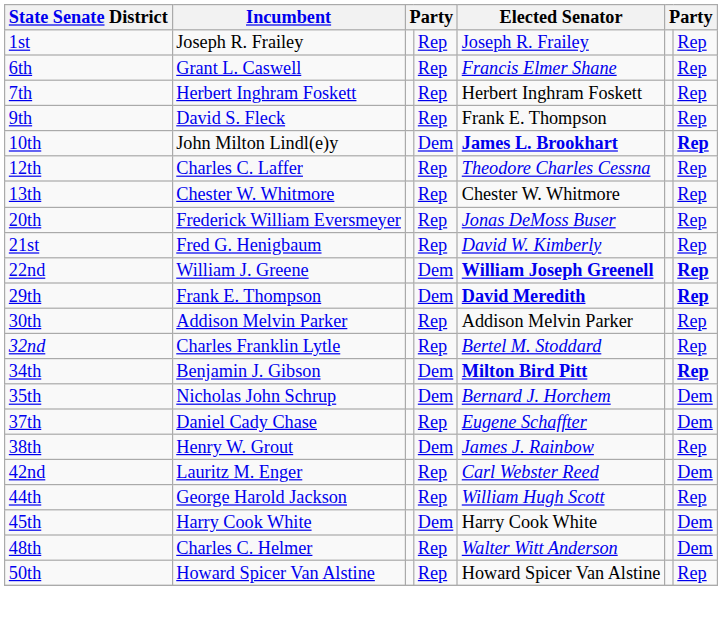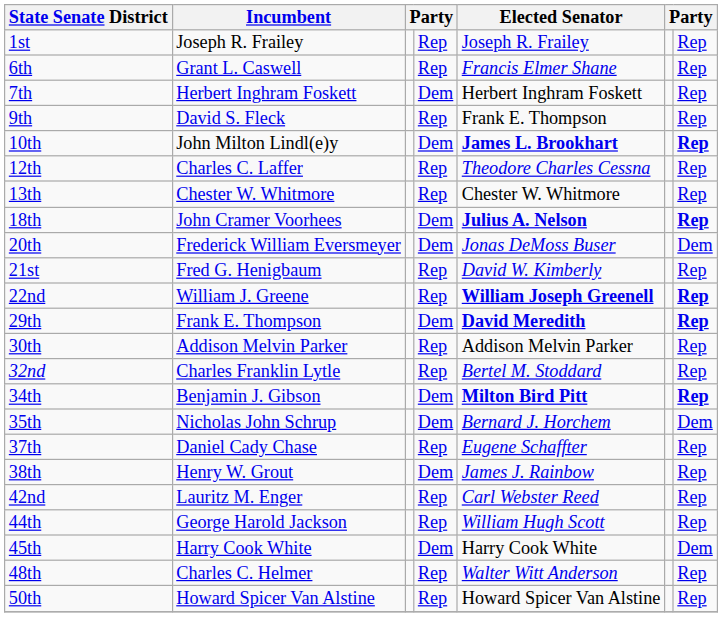 <table class="sortable wikitable" style="font-size:95%;line-height:14px;">
 <tr>
 <th class="sortable"><a href='#'>State Senate</a> District</th>
 <th class="unsortable"><a href='#'>Incumbent</a></th>
 <th colspan="2">Party</th>
 <th class="unsortable">Elected Senator</th>
 <th colspan="2">Party</th>
 </tr>
 <tr>
 <td><a href='#'>1st</a></td>
 <td>Joseph R. Frailey</td>
 <td style="background:"></td>
 <td><a href='#'>Rep</a></td>
 <td><a href='#'>Joseph R. Frailey</a></td>
 <td style="background:"></td>
 <td><a href='#'>Rep</a></td>
 </tr>
 <tr>
 <td><a href='#'>6th</a></td>
 <td><a href='#'>Grant L. Caswell</a></td>
 <td style="background:"></td>
 <td><a href='#'>Rep</a></td>
 <td><em><a href='#'>Francis Elmer Shane</a></em></td>
 <td style="background:"></td>
 <td><a href='#'>Rep</a></td>
 </tr>
 <tr>
 <td><a href='#'>7th</a></td>
 <td><a href='#'>Herbert Inghram Foskett</a></td>
 <td style="background:"></td>
-<td><a href='#'>Rep</a></td>
+<td><a href='#'>Dem</a></td>
 <td>Herbert Inghram Foskett</td>
 <td style="background:"></td>
 <td><a href='#'>Rep</a></td>
 </tr>
 <tr>
 <td><a href='#'>9th</a></td>
 <td><a href='#'>David S. Fleck</a></td>
 <td style="background:"></td>
 <td><a href='#'>Rep</a></td>
 <td>Frank E. Thompson</td>
 <td style="background:"></td>
 <td><a href='#'>Rep</a></td>
 </tr>
 <tr>
 <td><a href='#'>10th</a></td>
 <td>John Milton Lindl(e)y</td>
 <td style="background:"></td>
 <td><a href='#'>Dem</a></td>
 <td><strong><a href='#'>James L. Brookhart</a></strong></td>
 <td style="background:"></td>
 <td><strong><a href='#'>Rep</a></strong></td>
 </tr>
 <tr>
 <td><a href='#'>12th</a></td>
 <td><a href='#'>Charles C. Laffer</a></td>
 <td style="background:"></td>
 <td><a href='#'>Rep</a></td>
 <td><em><a href='#'>Theodore Charles Cessna</a></em></td>
 <td style="background:"></td>
 <td><a href='#'>Rep</a></td>
 </tr>
 <tr>
 <td><a href='#'>13th</a></td>
 <td><a href='#'>Chester W. Whitmore</a></td>
 <td style="background:"></td>
 <td><a href='#'>Rep</a></td>
 <td>Chester W. Whitmore</td>
 <td style="background:"></td>
 <td><a href='#'>Rep</a></td>
 </tr>
 <tr>
+<td><a href='#'>18th</a></td>
+<td><a href='#'>John Cramer Voorhees</a></td>
+<td style="background:"></td>
+<td><a href='#'>Dem</a></td>
+<td><strong><a href='#'>Julius A. Nelson</a></strong></td>
+<td style="background:"></td>
+<td><strong><a href='#'>Rep</a></strong></td>
+</tr>
+<tr>
 <td><a href='#'>20th</a></td>
 <td><a href='#'>Frederick William Eversmeyer</a></td>
 <td style="background:"></td>
-<td><a href='#'>Rep</a></td>
+<td><a href='#'>Dem</a></td>
 <td><em><a href='#'>Jonas DeMoss Buser</a></em></td>
 <td style="background:"></td>
-<td><a href='#'>Rep</a></td>
+<td><a href='#'>Dem</a></td>
 </tr>
 <tr>
 <td><a href='#'>21st</a></td>
 <td><a href='#'>Fred G. Henigbaum</a></td>
 <td style="background:"></td>
 <td><a href='#'>Rep</a></td>
 <td><em><a href='#'>David W. Kimberly</a></em></td>
 <td style="background:"></td>
 <td><a href='#'>Rep</a></td>
 </tr>
 <tr>
 <td><a href='#'>22nd</a></td>
 <td><a href='#'>William J. Greene</a></td>
 <td style="background:"></td>
-<td><a href='#'>Dem</a></td>
+<td><a href='#'>Rep</a></td>
 <td><strong><a href='#'>William Joseph Greenell</a></strong></td>
 <td style="background:"></td>
 <td><strong><a href='#'>Rep</a></strong></td>
 </tr>
 <tr>
 <td><a href='#'>29th</a></td>
 <td><a href='#'>Frank E. Thompson</a></td>
 <td style="background:"></td>
 <td><a href='#'>Dem</a></td>
 <td><strong><a href='#'>David Meredith</a></strong></td>
 <td style="background:"></td>
 <td><strong><a href='#'>Rep</a></strong></td>
 </tr>
 <tr>
 <td><a href='#'>30th</a></td>
 <td><a href='#'>Addison Melvin Parker</a></td>
 <td style="background:"></td>
 <td><a href='#'>Rep</a></td>
 <td>Addison Melvin Parker</td>
 <td style="background:"></td>
 <td><a href='#'>Rep</a></td>
 </tr>
 <tr>
 <td><em><a href='#'>32nd</a></em></td>
 <td><a href='#'>Charles Franklin Lytle</a></td>
 <td style="background:"></td>
 <td><a href='#'>Rep</a></td>
 <td><em><a href='#'>Bertel M. Stoddard</a></em></td>
 <td style="background:"></td>
 <td><a href='#'>Rep</a></td>
 </tr>
 <tr>
 <td><a href='#'>34th</a></td>
 <td><a href='#'>Benjamin J. Gibson</a></td>
 <td style="background:"></td>
 <td><a href='#'>Dem</a></td>
 <td><strong><a href='#'>Milton Bird Pitt</a></strong></td>
 <td style="background:"></td>
 <td><strong><a href='#'>Rep</a></strong></td>
 </tr>
 <tr>
 <td><a href='#'>35th</a></td>
 <td><a href='#'>Nicholas John Schrup</a></td>
 <td style="background:"></td>
 <td><a href='#'>Dem</a></td>
 <td><em><a href='#'>Bernard J. Horchem</a></em></td>
 <td style="background:"></td>
 <td><a href='#'>Dem</a></td>
 </tr>
 <tr>
 <td><a href='#'>37th</a></td>
 <td><a href='#'>Daniel Cady Chase</a></td>
 <td style="background:"></td>
 <td><a href='#'>Rep</a></td>
 <td><em><a href='#'>Eugene Schaffter</a></em></td>
 <td style="background:"></td>
-<td><a href='#'>Dem</a></td>
+<td><a href='#'>Rep</a></td>
 </tr>
 <tr>
 <td><a href='#'>38th</a></td>
 <td><a href='#'>Henry W. Grout</a></td>
 <td style="background:"></td>
 <td><a href='#'>Dem</a></td>
 <td><em><a href='#'>James J. Rainbow</a></em></td>
 <td style="background:"></td>
 <td><a href='#'>Rep</a></td>
 </tr>
 <tr>
 <td><a href='#'>42nd</a></td>
 <td><a href='#'>Lauritz M. Enger</a></td>
 <td style="background:"></td>
 <td><a href='#'>Rep</a></td>
 <td><em><a href='#'>Carl Webster Reed</a></em></td>
 <td style="background:"></td>
-<td><a href='#'>Dem</a></td>
+<td><a href='#'>Rep</a></td>
 </tr>
 <tr>
 <td><a href='#'>44th</a></td>
 <td><a href='#'>George Harold Jackson</a></td>
 <td style="background:"></td>
 <td><a href='#'>Rep</a></td>
 <td><em><a href='#'>William Hugh Scott</a></em></td>
 <td style="background:"></td>
 <td><a href='#'>Rep</a></td>
 </tr>
 <tr>
 <td><a href='#'>45th</a></td>
 <td><a href='#'>Harry Cook White</a></td>
 <td style="background:"></td>
 <td><a href='#'>Dem</a></td>
 <td>Harry Cook White</td>
 <td style="background:"></td>
 <td><a href='#'>Dem</a></td>
 </tr>
 <tr>
 <td><a href='#'>48th</a></td>
 <td><a href='#'>Charles C. Helmer</a></td>
 <td style="background:"></td>
 <td><a href='#'>Rep</a></td>
 <td><em><a href='#'>Walter Witt Anderson</a></em></td>
 <td style="background:"></td>
-<td><a href='#'>Dem</a></td>
+<td><a href='#'>Rep</a></td>
 </tr>
 <tr>
 <td><a href='#'>50th</a></td>
 <td><a href='#'>Howard Spicer Van Alstine</a></td>
 <td style="background:"></td>
 <td><a href='#'>Rep</a></td>
 <td>Howard Spicer Van Alstine</td>
 <td style="background:"></td>
 <td><a href='#'>Rep</a></td>
 </tr>
 <tr>
 </tr>
 </table>
